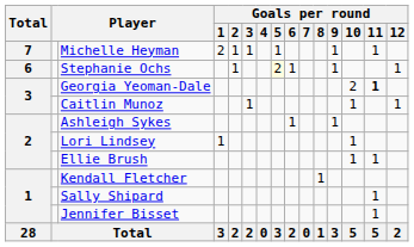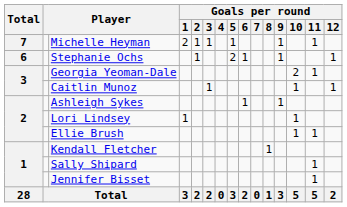 <table class="wikitable" style="text-align:center; line-height: 90%; font-size:90%;">
 <tr>
 <th rowspan="2">Total</th>
 <th rowspan="2" colspan="2">Player</th>
 <th colspan="12">Goals per round</th>
 </tr>
 <tr>
 <th>1</th>
 <th>2</th>
 <th>3</th>
 <th>4</th>
 <th>5</th>
 <th>6</th>
 <th>7</th>
 <th>8</th>
 <th>9</th>
 <th>10</th>
 <th>11</th>
 <th>12</th>
 </tr>
 <tr>
 <th rowspan="1">7</th>
 <td></td>
 <td style="text-align:left;"><a href='#'>Michelle Heyman</a></td>
 <td>2</td>
 <td>1</td>
 <td>1</td>
 <td></td>
 <td>1</td>
 <td></td>
 <td></td>
 <td></td>
 <td>1</td>
 <td></td>
 <td>1</td>
 <td></td>
 </tr>
 <tr>
 <th rowspan="1">6</th>
 <td></td>
 <td style="text-align:left;"><a href='#'>Stephanie Ochs</a></td>
 <td></td>
 <td>1</td>
 <td></td>
 <td></td>
-<td style="background: lightyellow;">2</td>
+<td>2</td>
 <td>1</td>
 <td></td>
 <td></td>
 <td>1</td>
 <td></td>
 <td></td>
 <td>1</td>
 </tr>
 <tr>
 <th rowspan="2">3</th>
 <td></td>
 <td style="text-align:left;"><a href='#'>Georgia Yeoman-Dale</a></td>
 <td></td>
 <td></td>
 <td></td>
 <td></td>
 <td></td>
 <td></td>
 <td></td>
 <td></td>
 <td></td>
 <td>2</td>
-<td><strong>1</strong></td>
+<td>1</td>
 <td></td>
 </tr>
 <tr>
 <td></td>
 <td style="text-align:left;"><a href='#'>Caitlin Munoz</a></td>
 <td></td>
 <td></td>
 <td>1</td>
 <td></td>
 <td></td>
 <td></td>
 <td></td>
 <td></td>
 <td></td>
 <td>1</td>
 <td></td>
 <td>1</td>
 </tr>
 <tr>
 <th rowspan="3">2</th>
 <td></td>
 <td style="text-align:left;"><a href='#'>Ashleigh Sykes</a></td>
 <td></td>
 <td></td>
 <td></td>
 <td></td>
 <td></td>
 <td>1</td>
 <td></td>
 <td></td>
 <td>1</td>
 <td></td>
 <td></td>
 <td></td>
 </tr>
 <tr>
 <td></td>
 <td style="text-align:left;"><a href='#'>Lori Lindsey</a></td>
 <td>1</td>
 <td></td>
 <td></td>
 <td></td>
 <td></td>
 <td></td>
 <td></td>
 <td></td>
 <td></td>
 <td>1</td>
 <td></td>
 <td></td>
 </tr>
 <tr>
 <td></td>
 <td style="text-align:left;"><a href='#'>Ellie Brush</a></td>
 <td></td>
 <td></td>
 <td></td>
 <td></td>
 <td></td>
 <td></td>
 <td></td>
 <td></td>
 <td></td>
 <td>1</td>
 <td>1</td>
 <td></td>
 </tr>
 <tr>
 <th rowspan="3">1</th>
 <td></td>
 <td style="text-align:left;"><a href='#'>Kendall Fletcher</a></td>
 <td></td>
 <td></td>
 <td></td>
 <td></td>
 <td></td>
 <td></td>
 <td></td>
 <td>1</td>
 <td></td>
 <td></td>
 <td></td>
 <td></td>
 </tr>
 <tr>
 <td></td>
 <td style="text-align:left;"><a href='#'>Sally Shipard</a></td>
 <td></td>
 <td></td>
 <td></td>
 <td></td>
 <td></td>
 <td></td>
 <td></td>
 <td></td>
 <td></td>
 <td></td>
 <td>1</td>
 <td></td>
 </tr>
 <tr>
 <td></td>
 <td style="text-align:left;"><a href='#'>Jennifer Bisset</a></td>
 <td></td>
 <td></td>
 <td></td>
 <td></td>
 <td></td>
 <td></td>
 <td></td>
 <td></td>
 <td></td>
 <td></td>
 <td>1</td>
 <td></td>
 </tr>
 <tr>
 <th rowspan="1">28</th>
 <th colspan="2">Total</th>
 <th style="text-align:center;">3</th>
 <th>2</th>
 <th>2</th>
 <th>0</th>
 <th>3</th>
 <th>2</th>
 <th>0</th>
 <th>1</th>
 <th>3</th>
 <th>5</th>
 <th>5</th>
 <th>2</th>
 </tr>
 </table>
